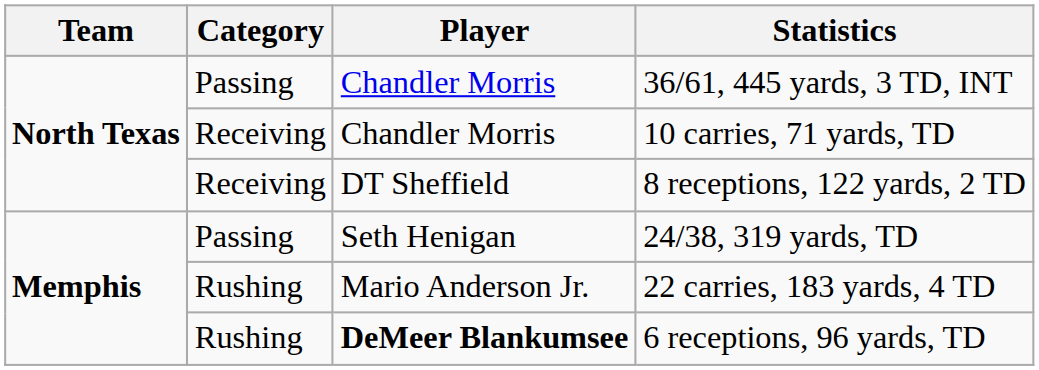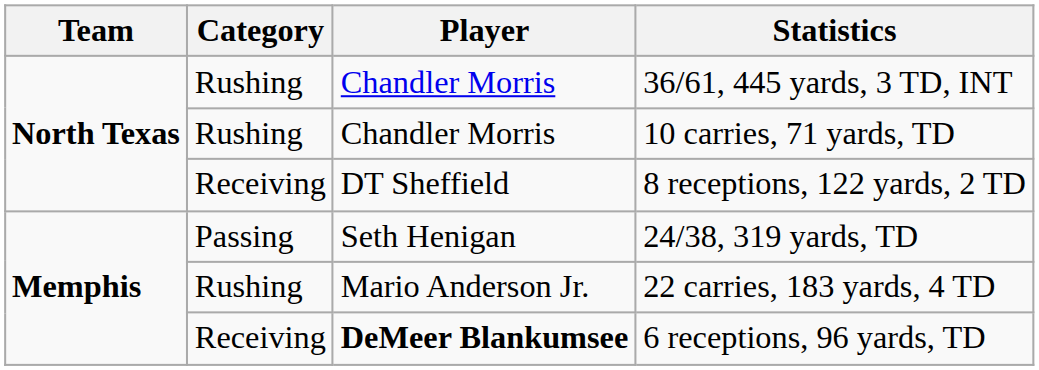 <table class="wikitable" style="float: right;">
 <tr>
 <th>Team</th>
 <th>Category</th>
 <th>Player</th>
 <th>Statistics</th>
 </tr>
 <tr>
 <td rowspan=3><strong>North Texas</strong></td>
-<td>Passing</td>
+<td>Rushing</td>
 <td><a href='#'>Chandler Morris</a></td>
 <td>36/61, 445 yards, 3 TD, INT</td>
 </tr>
 <tr>
-<td>Receiving</td>
+<td>Rushing</td>
 <td>Chandler Morris</td>
 <td>10 carries, 71 yards, TD</td>
 </tr>
 <tr>
 <td>Receiving</td>
 <td>DT Sheffield</td>
 <td>8 receptions, 122 yards, 2 TD</td>
 </tr>
 <tr>
 <td rowspan=3><strong>Memphis</strong></td>
 <td>Passing</td>
 <td>Seth Henigan</td>
 <td>24/38, 319 yards, TD</td>
 </tr>
 <tr>
 <td>Rushing</td>
 <td>Mario Anderson Jr.</td>
 <td>22 carries, 183 yards, 4 TD</td>
 </tr>
 <tr>
-<td>Rushing</td>
+<td>Receiving</td>
 <td><strong>DeMeer Blankumsee</strong></td>
 <td>6 receptions, 96 yards, TD</td>
 </tr>
 </table>
